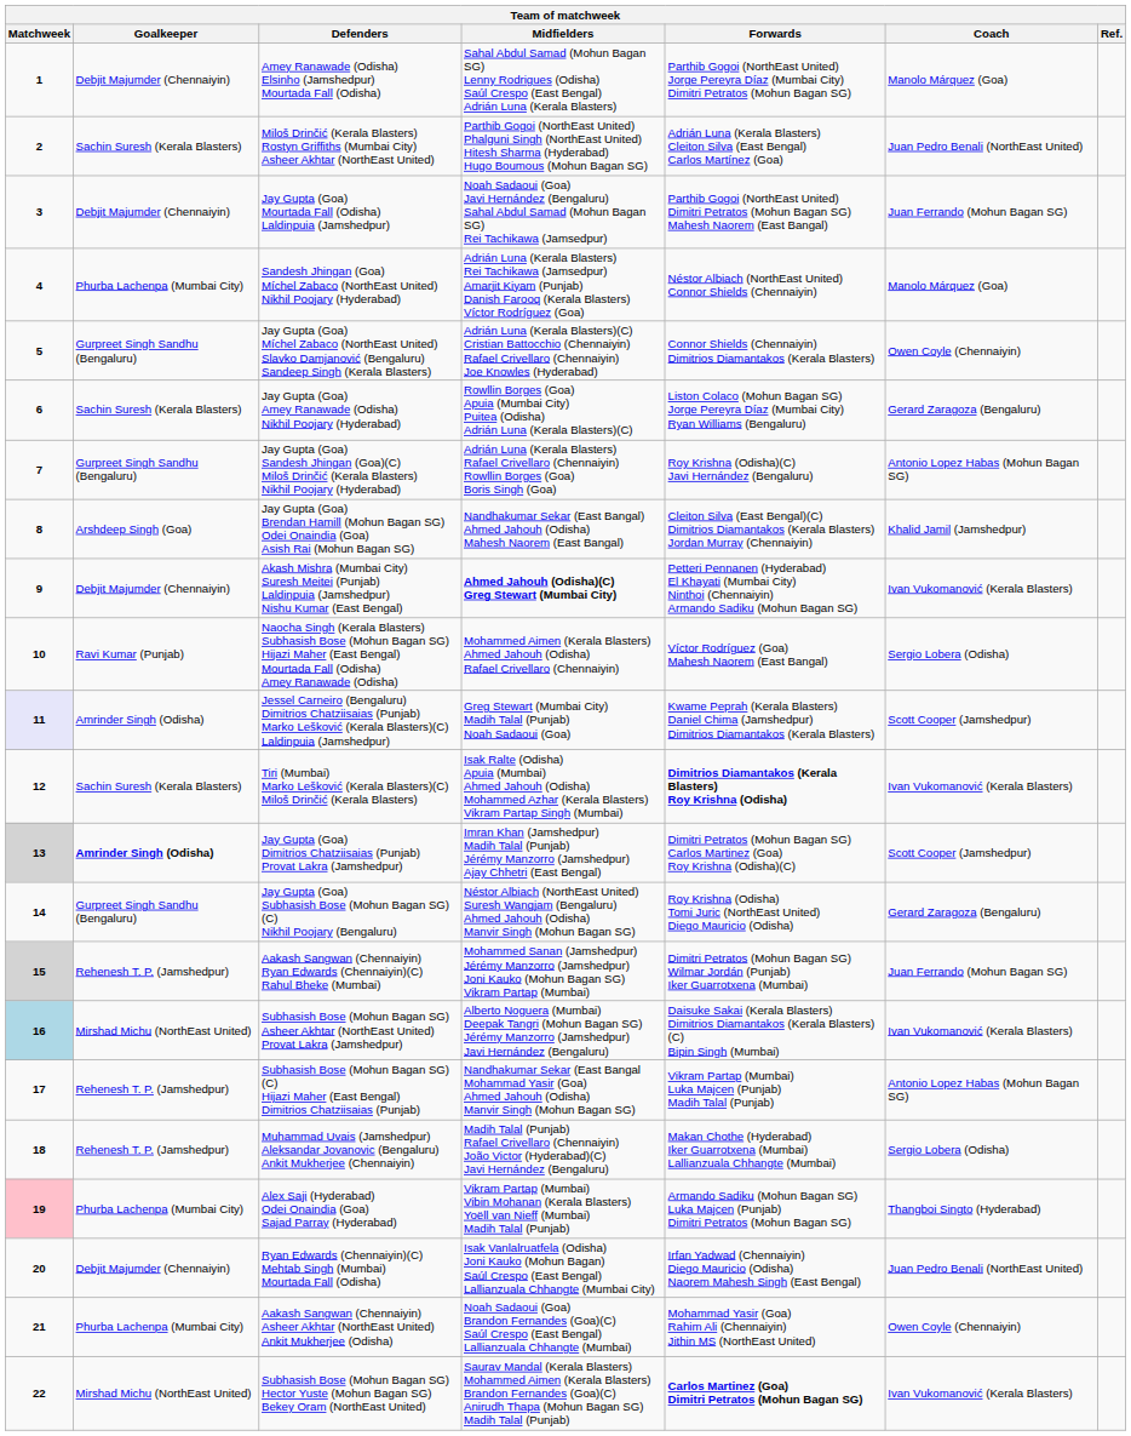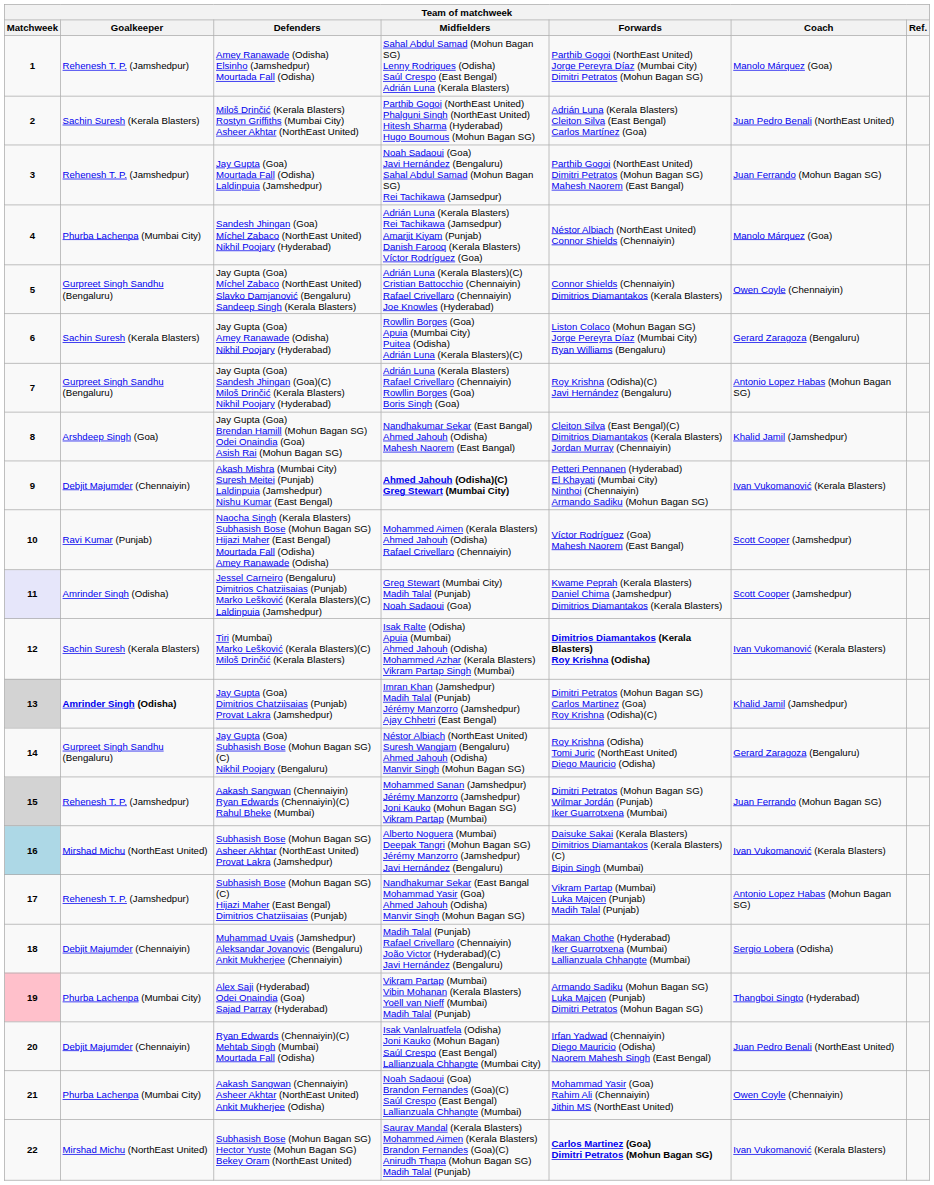 <table class="wikitable collapsible" style="text-align: left; font-size:small;">
 <tr>
 <th colspan="7">Team of matchweek</th>
 </tr>
 <tr>
 <th>Matchweek</th>
 <th>Goalkeeper</th>
 <th>Defenders</th>
 <th>Midfielders</th>
 <th>Forwards</th>
 <th>Coach</th>
 <th>Ref.</th>
 </tr>
 <tr>
 <td align="center"><strong>1</strong></td>
-<td> <a href='#'>Debjit Majumder</a> (Chennaiyin)</td>
+<td> <a href='#'>Rehenesh T. P.</a> (Jamshedpur)</td>
 <td> <a href='#'>Amey Ranawade</a> (Odisha)<br> <a href='#'>Elsinho</a> (Jamshedpur)<br> <a href='#'>Mourtada Fall</a> (Odisha)</td>
 <td> <a href='#'>Sahal Abdul Samad</a> (Mohun Bagan SG)<br> <a href='#'>Lenny Rodrigues</a> (Odisha)<br> <a href='#'>Saúl Crespo</a> (East Bengal)<br> <a href='#'>Adrián Luna</a> (Kerala Blasters)</td>
 <td> <a href='#'>Parthib Gogoi</a> (NorthEast United)<br> <a href='#'>Jorge Pereyra Díaz</a> (Mumbai City)<br> <a href='#'>Dimitri Petratos</a> (Mohun Bagan SG)</td>
 <td> <a href='#'>Manolo Márquez</a> (Goa)</td>
 <td></td>
 </tr>
 <tr>
 <td align="center"><strong>2</strong></td>
 <td> <a href='#'>Sachin Suresh</a> (Kerala Blasters)</td>
 <td> <a href='#'>Miloš Drinčić</a> (Kerala Blasters)<br> <a href='#'>Rostyn Griffiths</a> (Mumbai City)<br> <a href='#'>Asheer Akhtar</a> (NorthEast United)</td>
 <td> <a href='#'>Parthib Gogoi</a> (NorthEast United)<br> <a href='#'>Phalguni Singh</a> (NorthEast United)<br> <a href='#'>Hitesh Sharma</a> (Hyderabad)<br> <a href='#'>Hugo Boumous</a> (Mohun Bagan SG)</td>
 <td> <a href='#'>Adrián Luna</a> (Kerala Blasters)<br> <a href='#'>Cleiton Silva</a> (East Bengal)<br> <a href='#'>Carlos Martínez</a> (Goa)</td>
 <td> <a href='#'>Juan Pedro Benali</a> (NorthEast United)</td>
 <td></td>
 </tr>
 <tr>
 <td align="center"><strong>3</strong></td>
-<td> <a href='#'>Debjit Majumder</a> (Chennaiyin)</td>
+<td> <a href='#'>Rehenesh T. P.</a> (Jamshedpur)</td>
 <td> <a href='#'>Jay Gupta</a> (Goa)<br> <a href='#'>Mourtada Fall</a> (Odisha)<br> <a href='#'>Laldinpuia</a> (Jamshedpur)</td>
 <td> <a href='#'>Noah Sadaoui</a> (Goa)<br> <a href='#'>Javi Hernández</a> (Bengaluru)<br> <a href='#'>Sahal Abdul Samad</a> (Mohun Bagan SG)<br> <a href='#'>Rei Tachikawa</a> (Jamsedpur)</td>
 <td> <a href='#'>Parthib Gogoi</a> (NorthEast United)<br> <a href='#'>Dimitri Petratos</a> (Mohun Bagan SG)<br> <a href='#'>Mahesh Naorem</a> (East Bangal)</td>
 <td> <a href='#'>Juan Ferrando</a> (Mohun Bagan SG)</td>
 <td></td>
 </tr>
 <tr>
 <td align="center"><strong>4</strong></td>
 <td> <a href='#'>Phurba Lachenpa</a> (Mumbai City)</td>
 <td> <a href='#'>Sandesh Jhingan</a> (Goa)<br> <a href='#'>Míchel Zabaco</a> (NorthEast United)<br> <a href='#'>Nikhil Poojary</a> (Hyderabad)</td>
 <td> <a href='#'>Adrián Luna</a> (Kerala Blasters)<br> <a href='#'>Rei Tachikawa</a> (Jamsedpur)<br> <a href='#'>Amarjit Kiyam</a> (Punjab)<br> <a href='#'>Danish Farooq</a> (Kerala Blasters)<br> <a href='#'>Víctor Rodríguez</a> (Goa)</td>
 <td> <a href='#'>Néstor Albiach</a> (NorthEast United)<br> <a href='#'>Connor Shields</a> (Chennaiyin)</td>
 <td> <a href='#'>Manolo Márquez</a> (Goa)</td>
 <td></td>
 </tr>
 <tr>
 <td align="center"><strong>5</strong></td>
 <td> <a href='#'>Gurpreet Singh Sandhu</a> (Bengaluru)</td>
 <td> Jay Gupta (Goa)<br> <a href='#'>Míchel Zabaco</a> (NorthEast United)<br> <a href='#'>Slavko Damjanović</a> (Bengaluru)<br> <a href='#'>Sandeep Singh</a> (Kerala Blasters)</td>
 <td> <a href='#'>Adrián Luna</a> (Kerala Blasters)(C)<br> <a href='#'>Cristian Battocchio</a> (Chennaiyin)<br> <a href='#'>Rafael Crivellaro</a> (Chennaiyin)<br> <a href='#'>Joe Knowles</a> (Hyderabad)</td>
 <td> <a href='#'>Connor Shields</a> (Chennaiyin)<br> <a href='#'>Dimitrios Diamantakos</a> (Kerala Blasters)</td>
 <td> <a href='#'>Owen Coyle</a> (Chennaiyin)</td>
 <td></td>
 </tr>
 <tr>
 <td align="center"><strong>6</strong></td>
 <td> <a href='#'>Sachin Suresh</a> (Kerala Blasters)</td>
 <td> Jay Gupta (Goa)<br> <a href='#'>Amey Ranawade</a> (Odisha)<br> <a href='#'>Nikhil Poojary</a> (Hyderabad)</td>
 <td> <a href='#'>Rowllin Borges</a> (Goa)<br> <a href='#'>Apuia</a> (Mumbai City)<br> <a href='#'>Puitea</a> (Odisha)<br> <a href='#'>Adrián Luna</a> (Kerala Blasters)(C)</td>
 <td> <a href='#'>Liston Colaco</a> (Mohun Bagan SG)<br> <a href='#'>Jorge Pereyra Díaz</a> (Mumbai City)<br> <a href='#'>Ryan Williams</a> (Bengaluru)</td>
 <td> <a href='#'>Gerard Zaragoza</a> (Bengaluru)</td>
 <td></td>
 </tr>
 <tr>
 <td align="center"><strong>7</strong></td>
 <td> <a href='#'>Gurpreet Singh Sandhu</a> (Bengaluru)</td>
 <td> Jay Gupta (Goa)<br> <a href='#'>Sandesh Jhingan</a> (Goa)(C)<br> <a href='#'>Miloš Drinčić</a> (Kerala Blasters)<br> <a href='#'>Nikhil Poojary</a> (Hyderabad)</td>
 <td> <a href='#'>Adrián Luna</a> (Kerala Blasters)<br> <a href='#'>Rafael Crivellaro</a> (Chennaiyin)<br> <a href='#'>Rowllin Borges</a> (Goa)<br> <a href='#'>Boris Singh</a> (Goa)</td>
 <td> <a href='#'>Roy Krishna</a> (Odisha)(C)<br> <a href='#'>Javi Hernández</a> (Bengaluru)</td>
 <td> <a href='#'>Antonio Lopez Habas</a> (Mohun Bagan SG)</td>
 <td></td>
 </tr>
 <tr>
 <td align="center"><strong>8</strong></td>
 <td> <a href='#'>Arshdeep Singh</a> (Goa)</td>
 <td> Jay Gupta (Goa)<br> <a href='#'>Brendan Hamill</a> (Mohun Bagan SG)<br> <a href='#'>Odei Onaindia</a> (Goa)<br> <a href='#'>Asish Rai</a> (Mohun Bagan SG)</td>
 <td> <a href='#'>Nandhakumar Sekar</a> (East Bangal)<br> <a href='#'>Ahmed Jahouh</a> (Odisha)<br> <a href='#'>Mahesh Naorem</a> (East Bangal)</td>
 <td> <a href='#'>Cleiton Silva</a> (East Bengal)(C)<br> <a href='#'>Dimitrios Diamantakos</a> (Kerala Blasters)<br> <a href='#'>Jordan Murray</a> (Chennaiyin)</td>
 <td> <a href='#'>Khalid Jamil</a> (Jamshedpur)</td>
 <td></td>
 </tr>
 <tr>
 <td align="center"><strong>9</strong></td>
 <td> <a href='#'>Debjit Majumder</a> (Chennaiyin)</td>
 <td> <a href='#'>Akash Mishra</a> (Mumbai City)<br> <a href='#'>Suresh Meitei</a> (Punjab)<br> <a href='#'>Laldinpuia</a> (Jamshedpur)<br> <a href='#'>Nishu Kumar</a> (East Bengal)</td>
 <td><strong> <a href='#'>Ahmed Jahouh</a> (Odisha)(C)<br> <a href='#'>Greg Stewart</a> (Mumbai City)</strong></td>
 <td> <a href='#'>Petteri Pennanen</a> (Hyderabad)<br> <a href='#'>El Khayati</a> (Mumbai City)<br> <a href='#'>Ninthoi</a> (Chennaiyin)<br> <a href='#'>Armando Sadiku</a> (Mohun Bagan SG)</td>
 <td> <a href='#'>Ivan Vukomanović</a> (Kerala Blasters)</td>
 <td></td>
 </tr>
 <tr>
 <td align="center"><strong>10</strong></td>
 <td> <a href='#'>Ravi Kumar</a> (Punjab)</td>
 <td> <a href='#'>Naocha Singh</a> (Kerala Blasters)<br> <a href='#'>Subhasish Bose</a> (Mohun Bagan SG)<br> <a href='#'>Hijazi Maher</a> (East Bengal)<br> <a href='#'>Mourtada Fall</a> (Odisha)<br> <a href='#'>Amey Ranawade</a> (Odisha)</td>
 <td> <a href='#'>Mohammed Aimen</a> (Kerala Blasters)<br> <a href='#'>Ahmed Jahouh</a> (Odisha)<br> <a href='#'>Rafael Crivellaro</a> (Chennaiyin)</td>
 <td> <a href='#'>Víctor Rodríguez</a> (Goa)<br> <a href='#'>Mahesh Naorem</a> (East Bangal)</td>
-<td> <a href='#'>Sergio Lobera</a> (Odisha)</td>
+<td> <a href='#'>Scott Cooper</a> (Jamshedpur)</td>
 <td></td>
 </tr>
 <tr>
 <td align="center" style="background: lavender;"><strong>11</strong></td>
 <td> <a href='#'>Amrinder Singh</a> (Odisha)</td>
 <td> <a href='#'>Jessel Carneiro</a> (Bengaluru)<br> <a href='#'>Dimitrios Chatziisaias</a> (Punjab)<br> <a href='#'>Marko Lešković</a> (Kerala Blasters)(C)<br> <a href='#'>Laldinpuia</a> (Jamshedpur)</td>
 <td> <a href='#'>Greg Stewart</a> (Mumbai City)<br> <a href='#'>Madih Talal</a> (Punjab)<br> <a href='#'>Noah Sadaoui</a> (Goa)</td>
 <td> <a href='#'>Kwame Peprah</a> (Kerala Blasters)<br> <a href='#'>Daniel Chima</a> (Jamshedpur)<br> <a href='#'>Dimitrios Diamantakos</a> (Kerala Blasters)</td>
 <td> <a href='#'>Scott Cooper</a> (Jamshedpur)</td>
 <td></td>
 </tr>
 <tr>
 <td align="center"><strong>12</strong></td>
 <td> <a href='#'>Sachin Suresh</a> (Kerala Blasters)</td>
 <td> <a href='#'>Tiri</a> (Mumbai)<br> <a href='#'>Marko Lešković</a> (Kerala Blasters)(C)<br> <a href='#'>Miloš Drinčić</a> (Kerala Blasters)</td>
 <td> <a href='#'>Isak Ralte</a> (Odisha)<br> <a href='#'>Apuia</a> (Mumbai)<br> <a href='#'>Ahmed Jahouh</a> (Odisha)<br> <a href='#'>Mohammed Azhar</a> (Kerala Blasters)<br> <a href='#'>Vikram Partap Singh</a> (Mumbai)</td>
 <td><strong> <a href='#'>Dimitrios Diamantakos</a> (Kerala Blasters)<br> <a href='#'>Roy Krishna</a> (Odisha)</strong></td>
 <td> <a href='#'>Ivan Vukomanović</a> (Kerala Blasters)</td>
 <td></td>
 </tr>
 <tr>
 <td align="center" style="background: lightgrey;"><strong>13</strong></td>
 <td><strong> <a href='#'>Amrinder Singh</a> (Odisha)</strong></td>
 <td> <a href='#'>Jay Gupta</a> (Goa)<br> <a href='#'>Dimitrios Chatziisaias</a> (Punjab)<br> <a href='#'>Provat Lakra</a> (Jamshedpur)</td>
 <td> <a href='#'>Imran Khan</a> (Jamshedpur)<br> <a href='#'>Madih Talal</a> (Punjab)<br> <a href='#'>Jérémy Manzorro</a> (Jamshedpur)<br> <a href='#'>Ajay Chhetri</a> (East Bengal)</td>
 <td> <a href='#'>Dimitri Petratos</a> (Mohun Bagan SG)<br> <a href='#'>Carlos Martinez</a> (Goa)<br> <a href='#'>Roy Krishna</a> (Odisha)(C)</td>
-<td> <a href='#'>Scott Cooper</a> (Jamshedpur)</td>
+<td> <a href='#'>Khalid Jamil</a> (Jamshedpur)</td>
 <td></td>
 </tr>
 <tr>
 <td align="center"><strong>14</strong></td>
 <td> <a href='#'>Gurpreet Singh Sandhu</a> (Bengaluru)</td>
 <td> <a href='#'>Jay Gupta</a> (Goa)<br> <a href='#'>Subhasish Bose</a> (Mohun Bagan SG)(C)<br> <a href='#'>Nikhil Poojary</a> (Bengaluru)</td>
 <td> <a href='#'>Néstor Albiach</a> (NorthEast United)<br> <a href='#'>Suresh Wangjam</a> (Bengaluru)<br> <a href='#'>Ahmed Jahouh</a> (Odisha)<br> <a href='#'>Manvir Singh</a> (Mohun Bagan SG)</td>
 <td> <a href='#'>Roy Krishna</a> (Odisha)<br> <a href='#'>Tomi Juric</a> (NorthEast United)<br> <a href='#'>Diego Mauricio</a> (Odisha)</td>
 <td> <a href='#'>Gerard Zaragoza</a> (Bengaluru)</td>
 <td></td>
 </tr>
 <tr>
 <td align="center" style="background: lightgrey;"><strong>15</strong></td>
 <td> <a href='#'>Rehenesh T. P.</a> (Jamshedpur)</td>
 <td> <a href='#'>Aakash Sangwan</a> (Chennaiyin)<br> <a href='#'>Ryan Edwards</a> (Chennaiyin)(C)<br> <a href='#'>Rahul Bheke</a> (Mumbai)</td>
 <td> <a href='#'>Mohammed Sanan</a> (Jamshedpur)<br> <a href='#'>Jérémy Manzorro</a> (Jamshedpur)<br> <a href='#'>Joni Kauko</a> (Mohun Bagan SG)<br> <a href='#'>Vikram Partap</a> (Mumbai)</td>
 <td> <a href='#'>Dimitri Petratos</a> (Mohun Bagan SG)<br> <a href='#'>Wilmar Jordán</a> (Punjab)<br> <a href='#'>Iker Guarrotxena</a> (Mumbai)</td>
 <td> <a href='#'>Juan Ferrando</a> (Mohun Bagan SG)</td>
 <td></td>
 </tr>
 <tr>
 <td align="center" style="background: lightblue;"><strong>16</strong></td>
 <td> <a href='#'>Mirshad Michu</a> (NorthEast United)</td>
 <td> <a href='#'>Subhasish Bose</a> (Mohun Bagan SG)<br> <a href='#'>Asheer Akhtar</a> (NorthEast United)<br> <a href='#'>Provat Lakra</a> (Jamshedpur)</td>
 <td> <a href='#'>Alberto Noguera</a> (Mumbai)<br> <a href='#'>Deepak Tangri</a> (Mohun Bagan SG)<br> <a href='#'>Jérémy Manzorro</a> (Jamshedpur)<br> <a href='#'>Javi Hernández</a> (Bengaluru)</td>
 <td> <a href='#'>Daisuke Sakai</a> (Kerala Blasters)<br> <a href='#'>Dimitrios Diamantakos</a> (Kerala Blasters)(C)<br> <a href='#'>Bipin Singh</a> (Mumbai)</td>
 <td> <a href='#'>Ivan Vukomanović</a> (Kerala Blasters)</td>
 <td></td>
 </tr>
 <tr>
 <td align="center"><strong>17</strong></td>
 <td> <a href='#'>Rehenesh T. P.</a> (Jamshedpur)</td>
 <td> <a href='#'>Subhasish Bose</a> (Mohun Bagan SG)(C)<br> <a href='#'>Hijazi Maher</a> (East Bengal)<br> <a href='#'>Dimitrios Chatziisaias</a> (Punjab)</td>
 <td> <a href='#'>Nandhakumar Sekar</a> (East Bangal<br> <a href='#'>Mohammad Yasir</a> (Goa)<br> <a href='#'>Ahmed Jahouh</a> (Odisha)<br> <a href='#'>Manvir Singh</a> (Mohun Bagan SG)</td>
 <td> <a href='#'>Vikram Partap</a> (Mumbai)<br> <a href='#'>Luka Majcen</a> (Punjab)<br> <a href='#'>Madih Talal</a> (Punjab)</td>
 <td> <a href='#'>Antonio Lopez Habas</a> (Mohun Bagan SG)</td>
 <td></td>
 </tr>
 <tr>
 <td align="center"><strong>18</strong></td>
-<td> <a href='#'>Rehenesh T. P.</a> (Jamshedpur)</td>
+<td> <a href='#'>Debjit Majumder</a> (Chennaiyin)</td>
 <td> <a href='#'>Muhammad Uvais</a> (Jamshedpur) <br> <a href='#'>Aleksandar Jovanovic</a> (Bengaluru)<br> <a href='#'>Ankit Mukherjee</a> (Chennaiyin)</td>
 <td> <a href='#'>Madih Talal</a> (Punjab)<br> <a href='#'>Rafael Crivellaro</a> (Chennaiyin)<br> <a href='#'>João Victor</a> (Hyderabad)(C)<br> <a href='#'>Javi Hernández</a> (Bengaluru)</td>
 <td> <a href='#'>Makan Chothe</a> (Hyderabad)<br> <a href='#'>Iker Guarrotxena</a> (Mumbai)<br> <a href='#'>Lallianzuala Chhangte</a> (Mumbai)</td>
 <td> <a href='#'>Sergio Lobera</a> (Odisha)</td>
 <td></td>
 </tr>
 <tr>
 <td align="center" style="background: pink;"><strong>19</strong></td>
 <td> <a href='#'>Phurba Lachenpa</a> (Mumbai City)</td>
 <td> <a href='#'>Alex Saji</a> (Hyderabad)<br> <a href='#'>Odei Onaindia</a> (Goa)<br> <a href='#'>Sajad Parray</a> (Hyderabad)</td>
 <td> <a href='#'>Vikram Partap</a> (Mumbai)<br> <a href='#'>Vibin Mohanan</a> (Kerala Blasters)<br> <a href='#'>Yoëll van Nieff</a> (Mumbai)<br> <a href='#'>Madih Talal</a> (Punjab)</td>
 <td> <a href='#'>Armando Sadiku</a> (Mohun Bagan SG)<br> <a href='#'>Luka Majcen</a> (Punjab)<br> <a href='#'>Dimitri Petratos</a> (Mohun Bagan SG)</td>
 <td> <a href='#'>Thangboi Singto</a> (Hyderabad)</td>
 <td></td>
 </tr>
 <tr>
 <td align="center"><strong>20</strong></td>
 <td> <a href='#'>Debjit Majumder</a> (Chennaiyin)</td>
 <td> <a href='#'>Ryan Edwards</a> (Chennaiyin)(C) <br> <a href='#'>Mehtab Singh</a> (Mumbai)<br> <a href='#'>Mourtada Fall</a> (Odisha)</td>
 <td> <a href='#'>Isak Vanlalruatfela</a> (Odisha)<br> <a href='#'>Joni Kauko</a> (Mohun Bagan)<br> <a href='#'>Saúl Crespo</a> (East Bengal)<br> <a href='#'>Lallianzuala Chhangte</a> (Mumbai City)</td>
 <td> <a href='#'>Irfan Yadwad</a> (Chennaiyin)<br> <a href='#'>Diego Mauricio</a> (Odisha)<br> <a href='#'>Naorem Mahesh Singh</a> (East Bengal)</td>
 <td> <a href='#'>Juan Pedro Benali</a> (NorthEast United)</td>
 <td></td>
 </tr>
 <tr>
 <td align="center"><strong>21</strong></td>
 <td> <a href='#'>Phurba Lachenpa</a> (Mumbai City)</td>
 <td> <a href='#'>Aakash Sangwan</a> (Chennaiyin) <br> <a href='#'>Asheer Akhtar</a> (NorthEast United)<br> <a href='#'>Ankit Mukherjee</a> (Odisha)</td>
 <td> <a href='#'>Noah Sadaoui</a> (Goa)<br> <a href='#'>Brandon Fernandes</a> (Goa)(C)<br> <a href='#'>Saúl Crespo</a> (East Bengal)<br> <a href='#'>Lallianzuala Chhangte</a> (Mumbai)</td>
 <td> <a href='#'>Mohammad Yasir</a> (Goa)<br> <a href='#'>Rahim Ali</a> (Chennaiyin)<br> <a href='#'>Jithin MS</a> (NorthEast United)</td>
 <td> <a href='#'>Owen Coyle</a> (Chennaiyin)</td>
 <td></td>
 </tr>
 <tr>
 <td align="center"><strong>22</strong></td>
 <td> <a href='#'>Mirshad Michu</a> (NorthEast United)</td>
 <td> <a href='#'>Subhasish Bose</a> (Mohun Bagan SG)<br> <a href='#'>Hector Yuste</a> (Mohun Bagan SG)<br> <a href='#'>Bekey Oram</a> (NorthEast United)</td>
 <td> <a href='#'>Saurav Mandal</a> (Kerala Blasters)<br> <a href='#'>Mohammed Aimen</a> (Kerala Blasters)<br> <a href='#'>Brandon Fernandes</a> (Goa)(C)<br> <a href='#'>Anirudh Thapa</a> (Mohun Bagan SG)<br> <a href='#'>Madih Talal</a> (Punjab)</td>
 <td><strong> <a href='#'>Carlos Martinez</a> (Goa)<br> <a href='#'>Dimitri Petratos</a> (Mohun Bagan SG)</strong></td>
 <td> <a href='#'>Ivan Vukomanović</a> (Kerala Blasters)</td>
 <td></td>
 </tr>
 </table>
